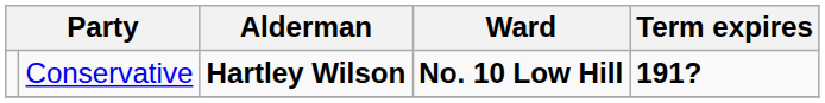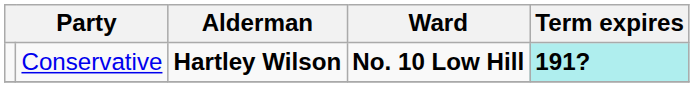 <table class="wikitable">
 <tr>
 <th colspan="2">Party</th>
 <th>Alderman</th>
 <th>Ward</th>
 <th>Term expires</th>
 </tr>
 <tr>
 <td style="background-color:"></td>
 <td><a href='#'>Conservative</a></td>
 <td><strong>Hartley Wilson</strong></td>
 <td><strong>No. 10 Low Hill</strong></td>
-<td><strong>191?</strong></td>
+<td style="background: paleturquoise;"><strong>191?</strong></td>
 </tr>
 <tr>
 </tr>
 </table>
